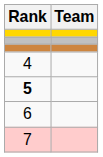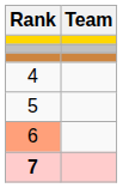 <table class="wikitable">
 <tr>
 <th>Rank</th>
 <th>Team</th>
 </tr>
 <tr style="background:gold;">
 <td align=center></td>
 <td></td>
 </tr>
 <tr style="background:silver;">
 <td align=center></td>
 <td></td>
 </tr>
 <tr style="background:peru;">
 <td align=center></td>
 <td></td>
 </tr>
 <tr>
 <td align=center>4</td>
 <td></td>
 </tr>
 <tr>
-<td align=center><strong>5</strong></td>
+<td align=center>5</td>
 <td></td>
 </tr>
 <tr>
-<td align=center>6</td>
+<td align=center style="background: lightsalmon;">6</td>
 <td></td>
 </tr>
 <tr style="background:#fcc;">
-<td align=center>7</td>
+<td align=center><strong>7</strong></td>
 <td> </td>
 </tr>
 </table>
